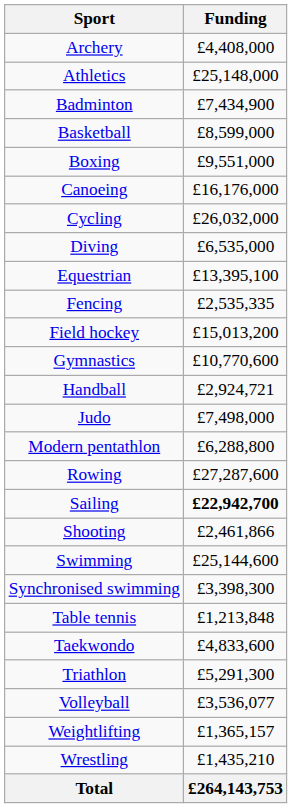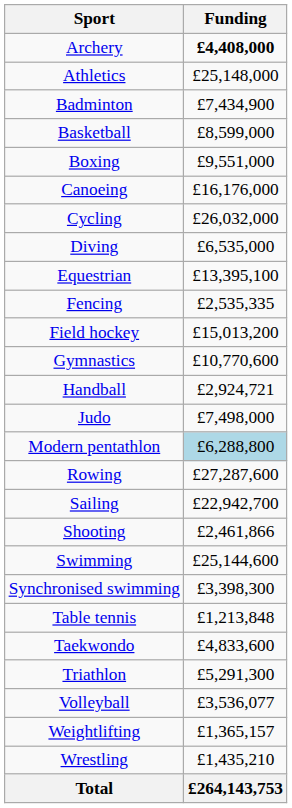 <table class="wikitable sortable" style="font-size:90%; text-align:center;">
 <tr>
 <th>Sport</th>
 <th>Funding</th>
 </tr>
 <tr>
 <td><a href='#'>Archery</a></td>
-<td align="center">£4,408,000</td>
+<td align="center"><strong>£4,408,000</strong></td>
 </tr>
 <tr>
 <td><a href='#'>Athletics</a></td>
 <td align="center">£25,148,000</td>
 </tr>
 <tr>
 <td><a href='#'>Badminton</a></td>
 <td align="center">£7,434,900</td>
 </tr>
 <tr>
 <td><a href='#'>Basketball</a></td>
 <td align="center">£8,599,000</td>
 </tr>
 <tr>
 <td><a href='#'>Boxing</a></td>
 <td align="center">£9,551,000</td>
 </tr>
 <tr>
 <td><a href='#'>Canoeing</a></td>
 <td align="center">£16,176,000</td>
 </tr>
 <tr>
 <td><a href='#'>Cycling</a></td>
 <td align="center">£26,032,000</td>
 </tr>
 <tr>
 <td><a href='#'>Diving</a></td>
 <td align="center">£6,535,000</td>
 </tr>
 <tr>
 <td><a href='#'>Equestrian</a></td>
 <td align="center">£13,395,100</td>
 </tr>
 <tr>
 <td><a href='#'>Fencing</a></td>
 <td align="center">£2,535,335</td>
 </tr>
 <tr>
 <td><a href='#'>Field hockey</a></td>
 <td align="center">£15,013,200</td>
 </tr>
 <tr>
 <td><a href='#'>Gymnastics</a></td>
 <td align="center">£10,770,600</td>
 </tr>
 <tr>
 <td><a href='#'>Handball</a></td>
 <td align="center">£2,924,721</td>
 </tr>
 <tr>
 <td><a href='#'>Judo</a></td>
 <td align="center">£7,498,000</td>
 </tr>
 <tr>
 <td><a href='#'>Modern pentathlon</a></td>
-<td align="center">£6,288,800</td>
+<td align="center" style="background: lightblue;">£6,288,800</td>
 </tr>
 <tr>
 <td><a href='#'>Rowing</a></td>
 <td align="center">£27,287,600</td>
 </tr>
 <tr>
 <td><a href='#'>Sailing</a></td>
-<td align="center"><strong>£22,942,700</strong></td>
+<td align="center">£22,942,700</td>
 </tr>
 <tr>
 <td><a href='#'>Shooting</a></td>
 <td align="center">£2,461,866</td>
 </tr>
 <tr>
 <td><a href='#'>Swimming</a></td>
 <td align="center">£25,144,600</td>
 </tr>
 <tr>
 <td><a href='#'>Synchronised swimming</a></td>
 <td align="center">£3,398,300</td>
 </tr>
 <tr>
 <td><a href='#'>Table tennis</a></td>
 <td align="center">£1,213,848</td>
 </tr>
 <tr>
 <td><a href='#'>Taekwondo</a></td>
 <td align="center">£4,833,600</td>
 </tr>
 <tr>
 <td><a href='#'>Triathlon</a></td>
 <td align="center">£5,291,300</td>
 </tr>
 <tr>
 <td><a href='#'>Volleyball</a></td>
 <td align="center">£3,536,077</td>
 </tr>
 <tr>
 <td><a href='#'>Weightlifting</a></td>
 <td align="center">£1,365,157</td>
 </tr>
 <tr>
 <td><a href='#'>Wrestling</a></td>
 <td align="center">£1,435,210</td>
 </tr>
 <tr class="sortbottom">
 <th>Total</th>
 <th align="center">£264,143,753</th>
 </tr>
 </table>
